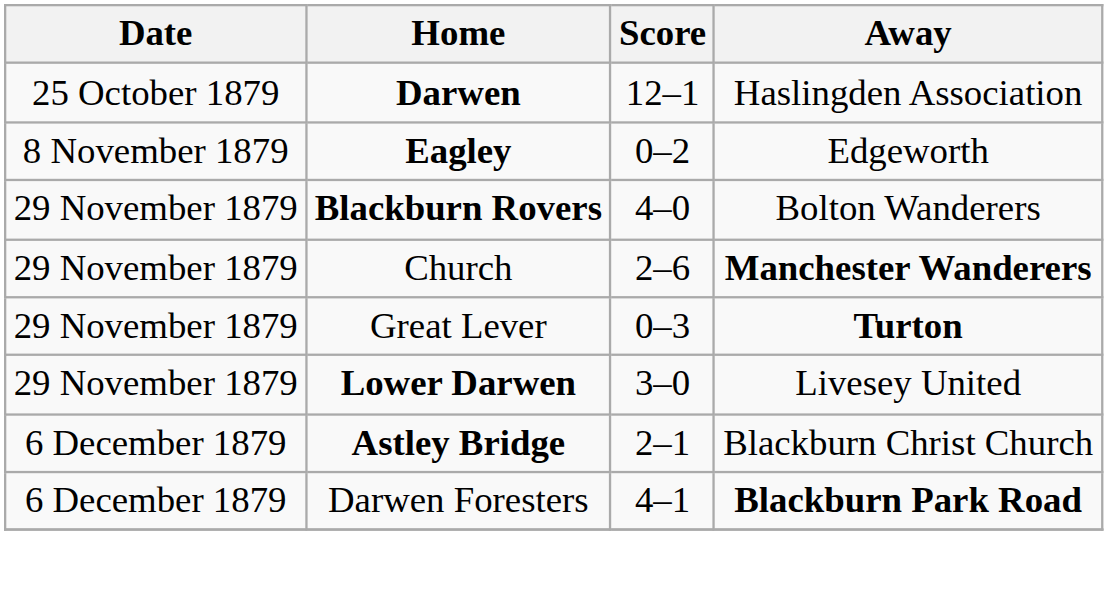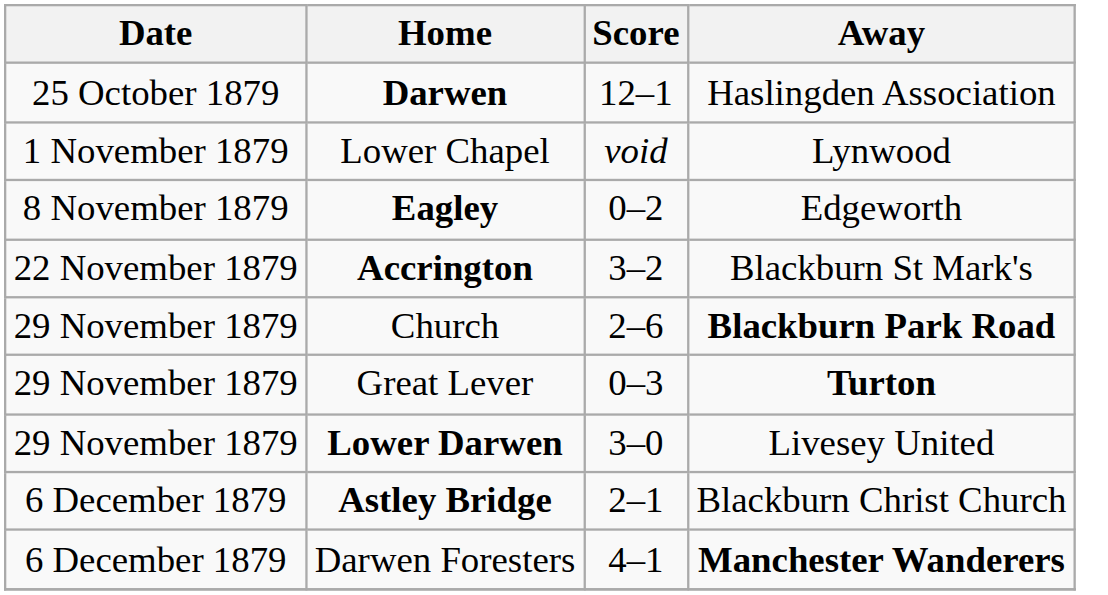 <table class="wikitable" style="text-align: center">
 <tr>
 <th>Date</th>
 <th>Home</th>
 <th>Score</th>
 <th>Away</th>
 </tr>
 <tr>
 <td>25 October 1879</td>
 <td><strong>Darwen</strong></td>
 <td>12–1</td>
 <td>Haslingden Association</td>
 </tr>
 <tr>
+<td>1 November 1879</td>
+<td>Lower Chapel</td>
+<td><em>void</em></td>
+<td>Lynwood</td>
+</tr>
+<tr>
 <td>8 November 1879</td>
 <td><strong>Eagley</strong></td>
 <td>0–2</td>
 <td>Edgeworth</td>
 </tr>
 <tr>
-<td>29 November 1879</td>
-<td><strong>Blackburn Rovers</strong></td>
-<td>4–0</td>
-<td>Bolton Wanderers</td>
+<td>22 November 1879</td>
+<td><strong>Accrington</strong></td>
+<td>3–2</td>
+<td>Blackburn St Mark's</td>
 </tr>
 <tr>
 <td>29 November 1879</td>
 <td>Church</td>
 <td>2–6</td>
-<td><strong>Manchester Wanderers</strong></td>
+<td><strong>Blackburn Park Road</strong></td>
 </tr>
 <tr>
 <td>29 November 1879</td>
 <td>Great Lever</td>
 <td>0–3</td>
 <td><strong>Turton</strong></td>
 </tr>
 <tr>
 <td>29 November 1879</td>
 <td><strong>Lower Darwen</strong></td>
 <td>3–0</td>
 <td>Livesey United</td>
 </tr>
 <tr>
 <td>6 December 1879</td>
 <td><strong>Astley Bridge</strong></td>
 <td>2–1</td>
 <td>Blackburn Christ Church</td>
 </tr>
 <tr>
 <td>6 December 1879</td>
 <td>Darwen Foresters</td>
 <td>4–1</td>
-<td><strong>Blackburn Park Road</strong></td>
+<td><strong>Manchester Wanderers</strong></td>
 </tr>
 <tr>
 </tr>
 </table>
